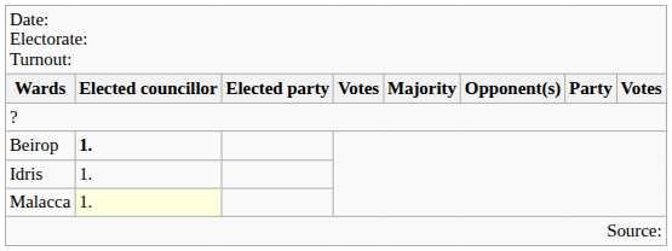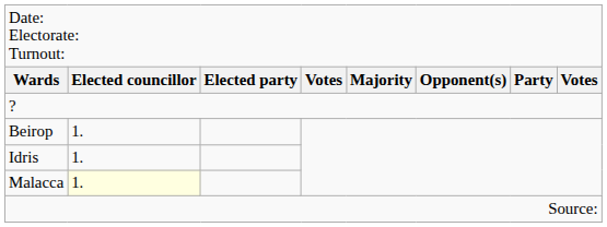 <table class=wikitable>
 <tr>
 <td colspan=8>Date: <br>Electorate: <br>Turnout:</td>
 </tr>
 <tr>
 <th>Wards</th>
 <th>Elected councillor</th>
 <th>Elected party</th>
 <th>Votes</th>
 <th>Majority</th>
 <th>Opponent(s)</th>
 <th>Party</th>
 <th>Votes</th>
 </tr>
 <tr>
 <td colspan=8>? </td>
 </tr>
 <tr>
 <td>Beirop</td>
-<td><strong>1.</strong></td>
+<td>1.</td>
 <td></td>
 </tr>
 <tr>
 <td>Idris</td>
 <td>1.</td>
 <td></td>
 </tr>
 <tr>
 <td>Malacca</td>
 <td style="background: lightyellow;">1.</td>
 <td></td>
 </tr>
 <tr>
 <td colspan=8 align=right>Source: </td>
 </tr>
 </table>
